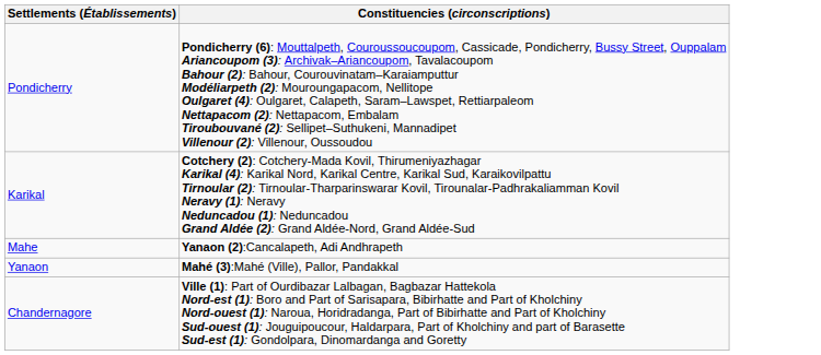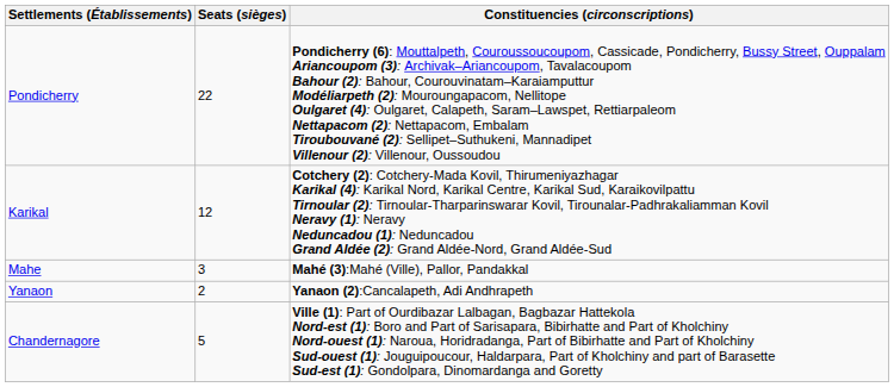 <table class="wikitable sortable">
 <tr>
 <th>Settlements (<em>Établissements</em>)</th>
+<th>Seats (<em>sièges</em>)</th>
 <th>Constituencies (<em>circonscriptions</em>)</th>
 </tr>
 <tr>
 <td><a href='#'>Pondicherry</a></td>
+<td>22</td>
 <td><br><strong>Pondicherry (6)</strong>: <a href='#'>Mouttalpeth</a>, <a href='#'>Couroussoucoupom</a>, Cassicade, Pondicherry, <a href='#'>Bussy Street</a>, <a href='#'>Ouppalam</a><em> <br><strong>Ariancoupom (3)</strong>: </em><a href='#'>Archivak–Ariancoupom</a>, Tavalacoupom<em> <br><strong>Bahour (2)</strong>: </em>Bahour, Courouvinatam–Karaiamputtur<em> <br><strong>Modéliarpeth (2)</strong>: </em>Mouroungapacom, Nellitope<em> <br><strong>Oulgaret (4)</strong>: </em>Oulgaret, Calapeth, Saram–Lawspet, Rettiarpaleom<em> <br><strong>Nettapacom (2)</strong>: </em>Nettapacom, Embalam<em> <br><strong>Tiroubouvané (2)</strong>: </em>Sellipet–Suthukeni, Mannadipet<em> <br><strong>Villenour (2)</strong>: </em>Villenour, Oussoudou<em></td>
 </tr>
 <tr>
 <td><a href='#'>Karikal</a></td>
+<td>12</td>
 <td><strong>Cotchery (2)</strong>: </em>Cotchery-Mada Kovil, Thirumeniyazhagar<em><br><strong>Karikal (4)</strong>: </em>Karikal Nord, Karikal Centre, Karikal Sud, Karaikovilpattu<em><br><strong>Tirnoular (2)</strong>: </em>Tirnoular-Tharparinswarar Kovil, Tirounalar-Padhrakaliamman Kovil<em> <br><strong>Neravy (1)</strong>: </em>Neravy<em><br><strong>Neduncadou (1)</strong>: </em>Neduncadou<em><br><strong>Grand Aldée (2)</strong>: </em>Grand Aldée-Nord, Grand Aldée-Sud<em></td>
 </tr>
 <tr>
 <td><a href='#'>Mahe</a></td>
+<td>3</td>
+<td><strong>Mahé (3)</strong>:</em>Mahé (Ville), Pallor, Pandakkal<em></td>
+</tr>
+<tr>
+<td><a href='#'>Yanaon</a></td>
+<td>2</td>
 <td><strong>Yanaon (2)</strong>:</em>Cancalapeth, Adi Andhrapeth<em></td>
 </tr>
 <tr>
-<td><a href='#'>Yanaon</a></td>
-<td><strong>Mahé (3)</strong>:</em>Mahé (Ville), Pallor, Pandakkal<em></td>
-</tr>
-<tr>
 <td><a href='#'>Chandernagore</a></td>
+<td>5</td>
 <td><strong>Ville (1)</strong>: </em>Part of Ourdibazar Lalbagan, Bagbazar Hattekola<em><br> <strong>Nord-est (1)</strong>: </em>Boro and Part of Sarisapara, Bibirhatte and Part of Kholchiny<em><br> <strong>Nord-ouest (1)</strong>: </em>Naroua, Horidradanga, Part of Bibirhatte and Part of Kholchiny<em><br> <strong>Sud-ouest (1)</strong>: </em>Jouguipoucour, Haldarpara, Part of Kholchiny and part of Barasette<em><br> <strong>Sud-est (1)</strong>: </em>Gondolpara, Dinomardanga and Goretty<em></td>
 </tr>
 </table>
